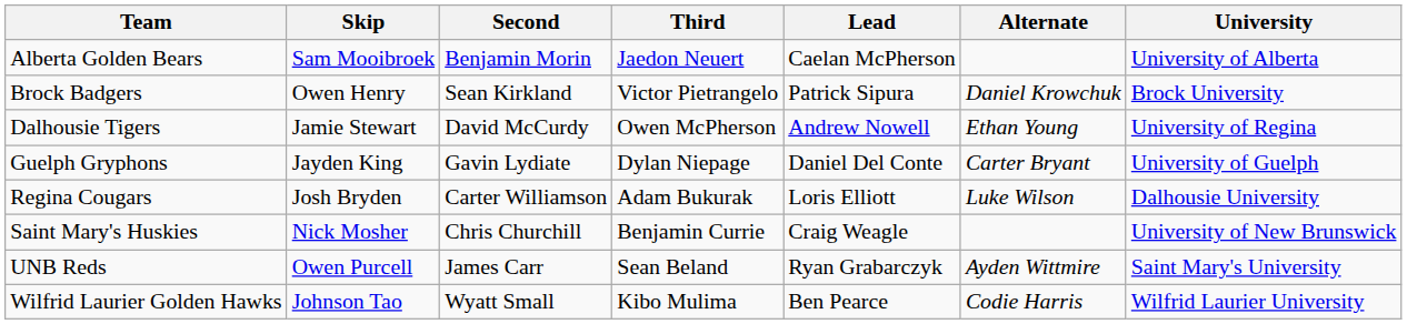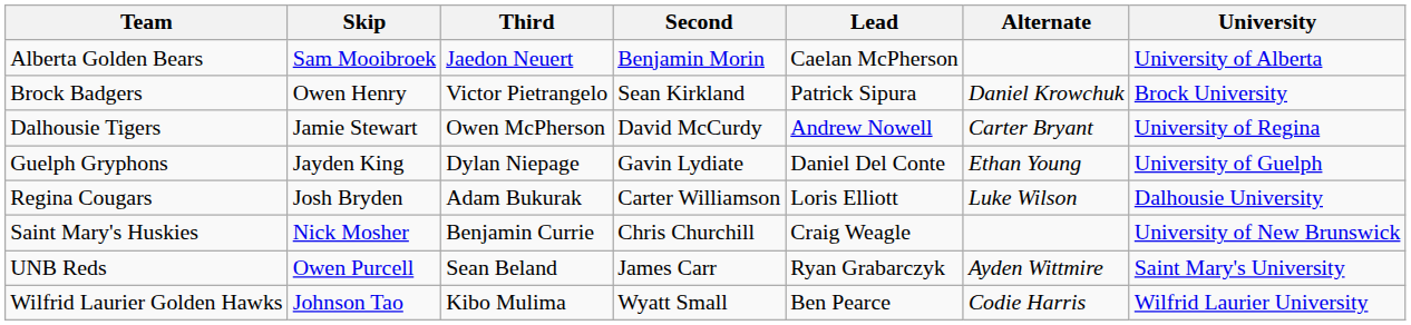 <table class="wikitable">
 <tr>
 <th scope="col">Team</th>
 <th scope="col">Skip</th>
+<th scope="col">Third</th>
 <th scope="col">Second</th>
-<th scope="col">Third</th>
 <th scope="col">Lead</th>
 <th scope="col">Alternate</th>
 <th scope="col">University</th>
 </tr>
 <tr>
 <td>Alberta Golden Bears</td>
 <td><a href='#'>Sam Mooibroek</a></td>
+<td><a href='#'>Jaedon Neuert</a></td>
 <td><a href='#'>Benjamin Morin</a></td>
-<td><a href='#'>Jaedon Neuert</a></td>
 <td>Caelan McPherson</td>
 <td></td>
 <td> <a href='#'>University of Alberta</a></td>
 </tr>
 <tr>
 <td>Brock Badgers</td>
 <td>Owen Henry</td>
+<td>Victor Pietrangelo</td>
 <td>Sean Kirkland</td>
-<td>Victor Pietrangelo</td>
 <td>Patrick Sipura</td>
 <td><em>Daniel Krowchuk</em></td>
 <td> <a href='#'>Brock University</a></td>
 </tr>
 <tr>
 <td>Dalhousie Tigers</td>
 <td>Jamie Stewart</td>
+<td>Owen McPherson</td>
 <td>David McCurdy</td>
-<td>Owen McPherson</td>
 <td><a href='#'>Andrew Nowell</a></td>
-<td><em>Ethan Young</em></td>
+<td><em>Carter Bryant</em></td>
 <td> <a href='#'>University of Regina</a></td>
 </tr>
 <tr>
 <td>Guelph Gryphons</td>
 <td>Jayden King</td>
+<td>Dylan Niepage</td>
 <td>Gavin Lydiate</td>
-<td>Dylan Niepage</td>
 <td>Daniel Del Conte</td>
-<td><em>Carter Bryant</em></td>
+<td><em>Ethan Young</em></td>
 <td> <a href='#'>University of Guelph</a></td>
 </tr>
 <tr>
 <td>Regina Cougars</td>
 <td>Josh Bryden</td>
+<td>Adam Bukurak</td>
 <td>Carter Williamson</td>
-<td>Adam Bukurak</td>
 <td>Loris Elliott</td>
 <td><em>Luke Wilson</em></td>
 <td> <a href='#'>Dalhousie University</a></td>
 </tr>
 <tr>
 <td>Saint Mary's Huskies</td>
 <td><a href='#'>Nick Mosher</a></td>
+<td>Benjamin Currie</td>
 <td>Chris Churchill</td>
-<td>Benjamin Currie</td>
 <td>Craig Weagle</td>
 <td></td>
 <td> <a href='#'>University of New Brunswick</a></td>
 </tr>
 <tr>
 <td>UNB Reds</td>
 <td><a href='#'>Owen Purcell</a></td>
+<td>Sean Beland</td>
 <td>James Carr</td>
-<td>Sean Beland</td>
 <td>Ryan Grabarczyk</td>
 <td><em>Ayden Wittmire</em></td>
 <td> <a href='#'>Saint Mary's University</a></td>
 </tr>
 <tr>
 <td>Wilfrid Laurier Golden Hawks</td>
 <td><a href='#'>Johnson Tao</a></td>
+<td>Kibo Mulima</td>
 <td>Wyatt Small</td>
-<td>Kibo Mulima</td>
 <td>Ben Pearce</td>
 <td><em>Codie Harris</em></td>
 <td> <a href='#'>Wilfrid Laurier University</a></td>
 </tr>
 </table>
